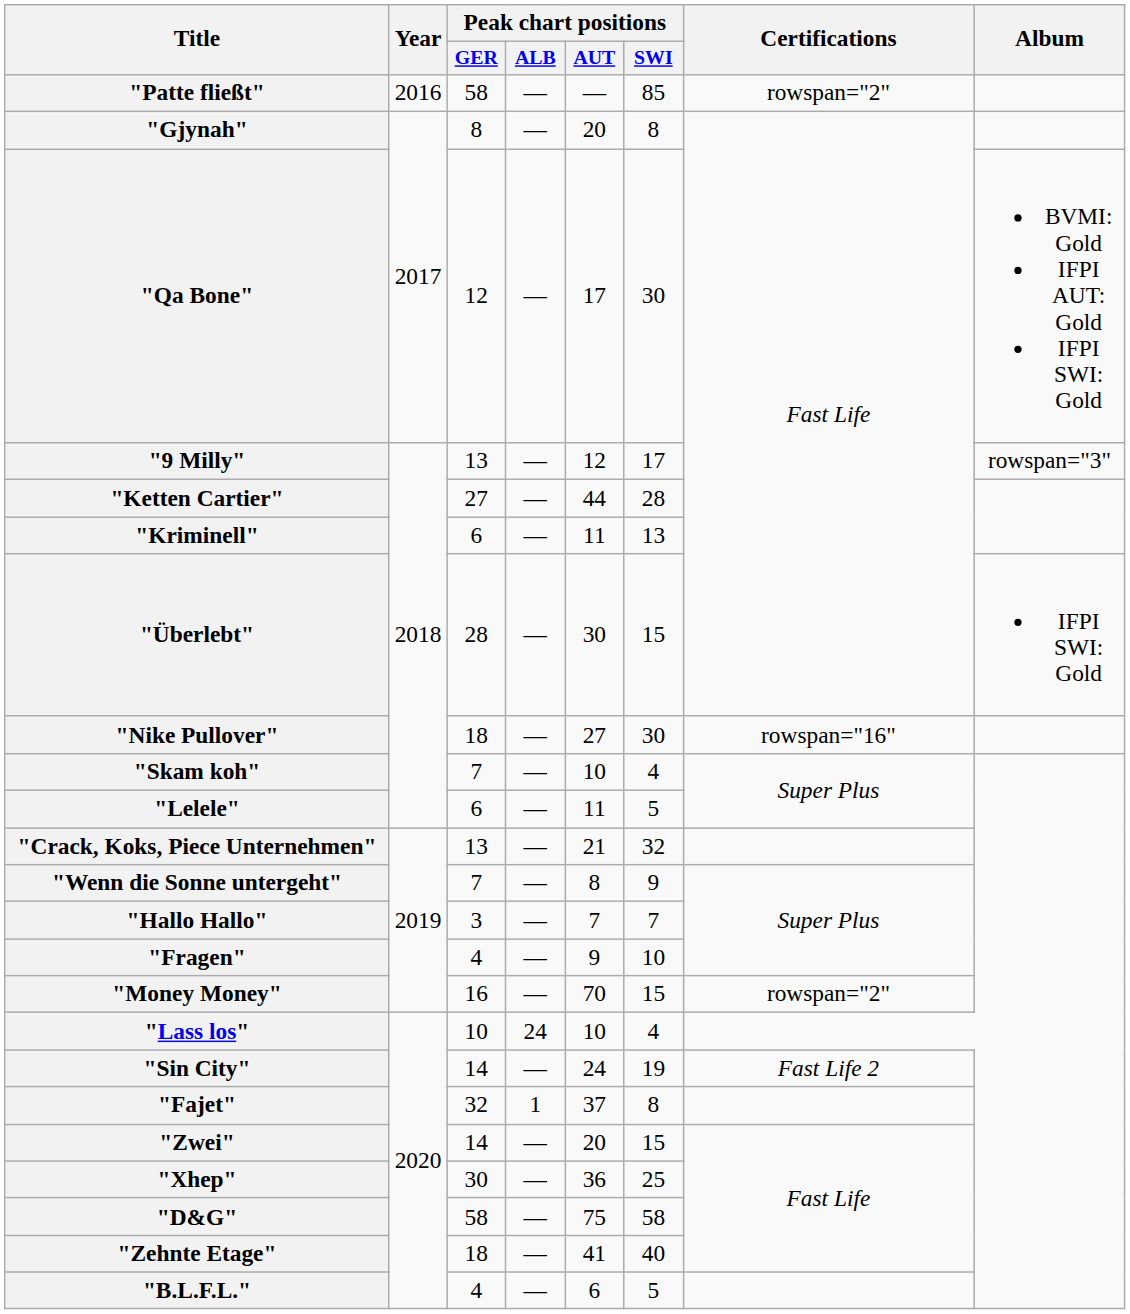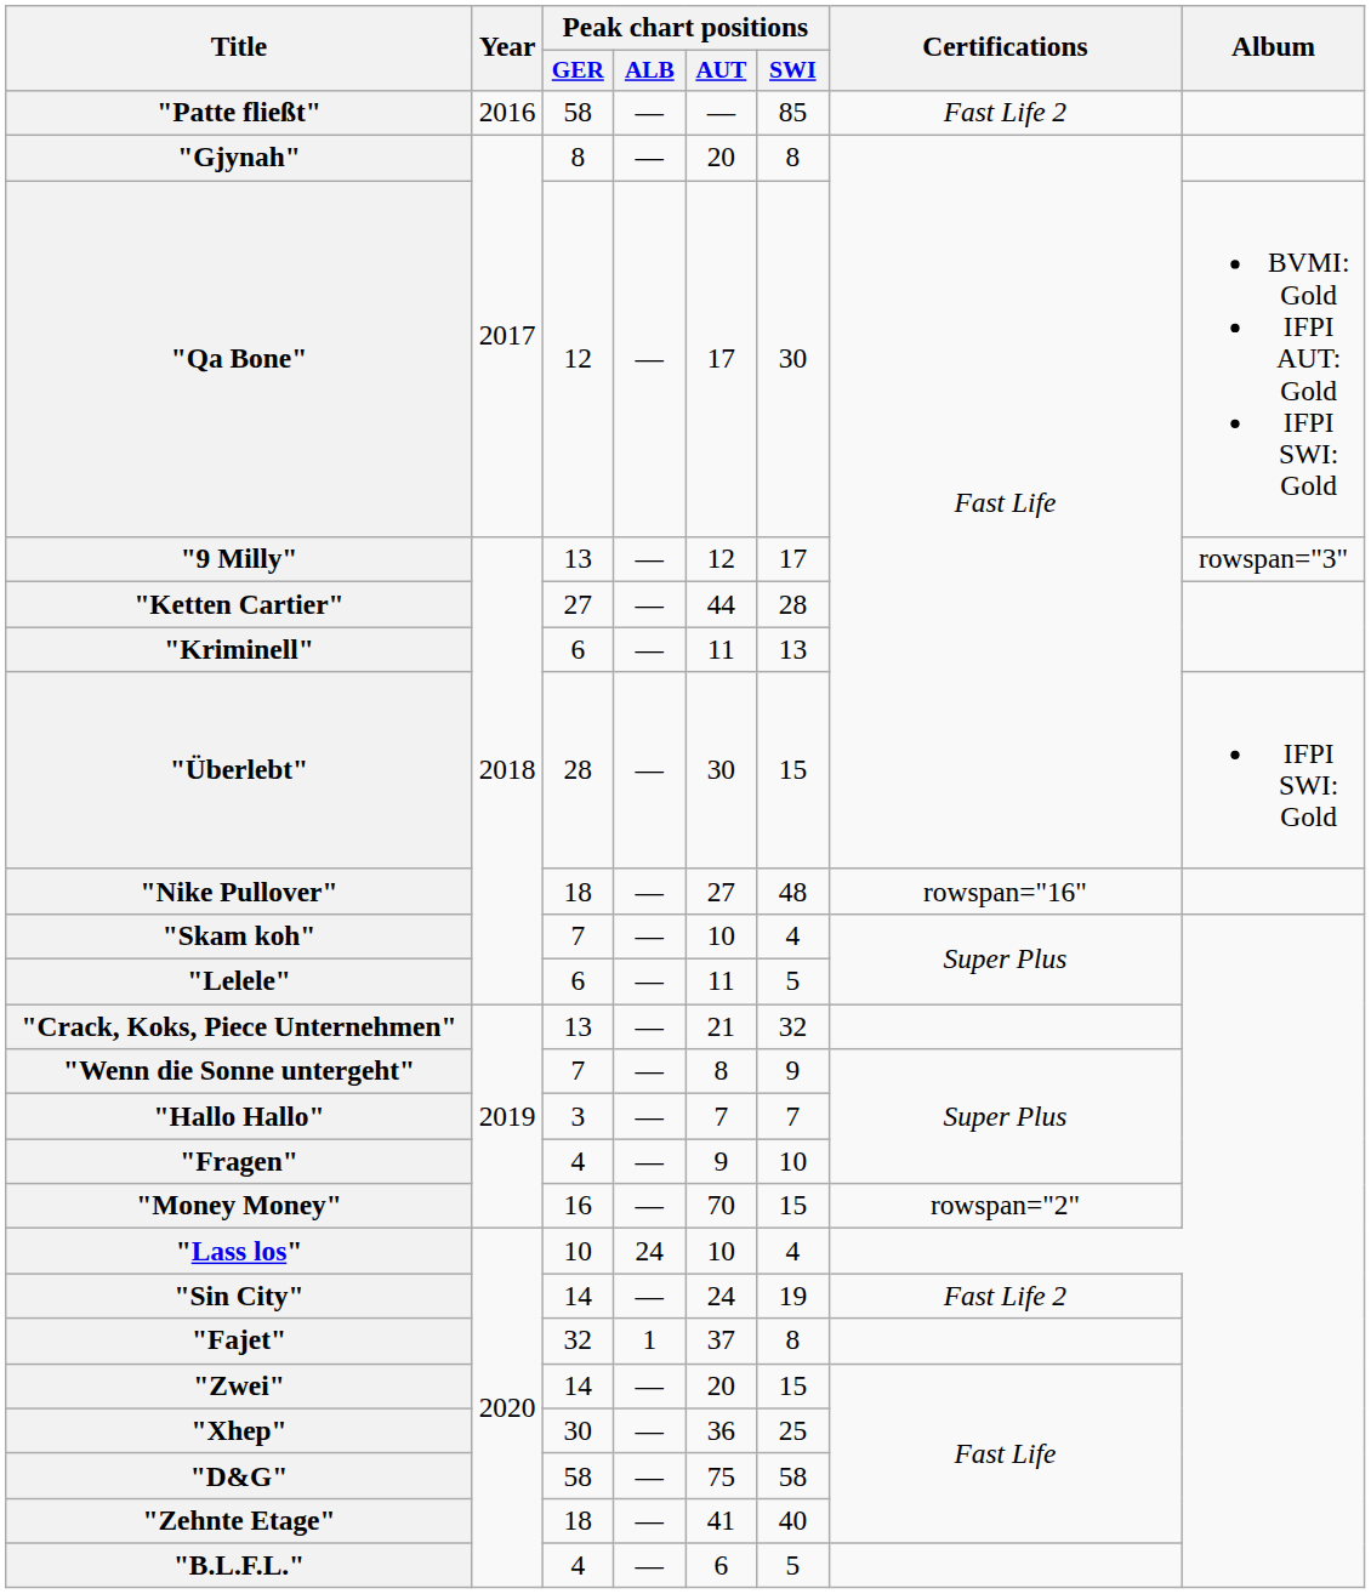 <table class="wikitable plainrowheaders" style="text-align:center;">
 <tr>
 <th scope="col" rowspan="2" style="width:16em;">Title</th>
 <th scope="col" rowspan="2" style="width:1em;">Year</th>
 <th scope="col" colspan="4">Peak chart positions</th>
 <th scope="col" rowspan="2" style="width:12em;">Certifications</th>
 <th scope="col" rowspan="2" style="width:6em;">Album</th>
 </tr>
 <tr>
 <th style="width:2.5em; font-size:85%"><a href='#'>GER</a><br></th>
 <th style="width:2.5em; font-size:85%"><a href='#'>ALB</a><br></th>
 <th style="width:2.5em; font-size:85%"><a href='#'>AUT</a><br></th>
 <th style="width:2.5em; font-size:85%"><a href='#'>SWI</a><br></th>
 </tr>
 <tr>
 <th scope="row">"Patte fließt"</th>
 <td>2016</td>
 <td>58</td>
 <td>—</td>
 <td>—</td>
 <td>85</td>
-<td>rowspan="2" </td>
+<td><em>Fast Life 2</em></td>
 <td></td>
 </tr>
 <tr>
 <th scope="row">"Gjynah"</th>
 <td rowspan="2">2017</td>
 <td>8</td>
 <td>—</td>
 <td>20</td>
 <td>8</td>
 <td rowspan="6"><em>Fast Life</em></td>
 </tr>
 <tr>
 <th scope="row">"Qa Bone"<br></th>
 <td>12</td>
 <td>—</td>
 <td>17</td>
 <td>30</td>
 <td><br><ul><li>BVMI: Gold</li><li>IFPI AUT: Gold</li><li>IFPI SWI: Gold</li></ul></td>
 </tr>
 <tr>
 <th scope="row">"9 Milly"</th>
 <td rowspan="7">2018</td>
 <td>13</td>
 <td>—</td>
 <td>12</td>
 <td>17</td>
 <td>rowspan="3" </td>
 </tr>
 <tr>
 <th scope="row">"Ketten Cartier"</th>
 <td>27</td>
 <td>—</td>
 <td>44</td>
 <td>28</td>
 </tr>
 <tr>
 <th scope="row">"Kriminell"<br></th>
 <td>6</td>
 <td>—</td>
 <td>11</td>
 <td>13</td>
 </tr>
 <tr>
 <th scope="row">"Überlebt"</th>
 <td>28</td>
 <td>—</td>
 <td>30</td>
 <td>15</td>
 <td><br><ul><li>IFPI SWI: Gold</li></ul></td>
 </tr>
 <tr>
 <th scope="row">"Nike Pullover"</th>
 <td>18</td>
 <td>—</td>
 <td>27</td>
-<td>30</td>
+<td>48</td>
 <td>rowspan="16" </td>
 <td></td>
 </tr>
 <tr>
 <th scope="row">"Skam koh"<br></th>
 <td>7</td>
 <td>—</td>
 <td>10</td>
 <td>4</td>
 <td rowspan="2"><em>Super Plus</em></td>
 </tr>
 <tr>
 <th scope="row">"Lelele"<br></th>
 <td>6</td>
 <td>—</td>
 <td>11</td>
 <td>5</td>
 </tr>
 <tr>
 <th scope="row">"Crack, Koks, Piece Unternehmen"<br></th>
 <td rowspan="5">2019</td>
 <td>13</td>
 <td>—</td>
 <td>21</td>
 <td>32</td>
 <td></td>
 </tr>
 <tr>
 <th scope="row">"Wenn die Sonne untergeht"<br></th>
 <td>7</td>
 <td>—</td>
 <td>8</td>
 <td>9</td>
 <td rowspan="3"><em>Super Plus</em></td>
 </tr>
 <tr>
 <th scope="row">"Hallo Hallo"<br></th>
 <td>3</td>
 <td>—</td>
 <td>7</td>
 <td>7</td>
 </tr>
 <tr>
 <th scope="row">"Fragen"<br></th>
 <td>4</td>
 <td>—</td>
 <td>9</td>
 <td>10</td>
 </tr>
 <tr>
 <th scope="row">"Money Money"</th>
 <td>16</td>
 <td>—</td>
 <td>70</td>
 <td>15</td>
 <td>rowspan="2" </td>
 </tr>
 <tr>
 <th scope="row">"<a href='#'>Lass los</a>"<br></th>
 <td rowspan="8">2020</td>
 <td>10</td>
 <td>24</td>
 <td>10</td>
 <td>4</td>
 </tr>
 <tr>
 <th scope="row">"Sin City"<br></th>
 <td>14</td>
 <td>—</td>
 <td>24</td>
 <td>19</td>
 <td><em>Fast Life 2</em></td>
 </tr>
 <tr>
 <th scope="row">"Fajet"<br></th>
 <td>32</td>
 <td>1</td>
 <td>37</td>
 <td>8</td>
 <td></td>
 </tr>
 <tr>
 <th scope="row">"Zwei"<br></th>
 <td>14</td>
 <td>—</td>
 <td>20</td>
 <td>15</td>
 <td rowspan="4"><em>Fast Life</em></td>
 </tr>
 <tr>
 <th scope="row">"Xhep"<br></th>
 <td>30</td>
 <td>—</td>
 <td>36</td>
 <td>25</td>
 </tr>
 <tr>
 <th scope="row">"D&G"<br></th>
 <td>58</td>
 <td>—</td>
 <td>75</td>
 <td>58</td>
 </tr>
 <tr>
 <th scope="row">"Zehnte Etage"<br></th>
 <td>18</td>
 <td>—</td>
 <td>41</td>
 <td>40</td>
 </tr>
 <tr>
 <th scope="row">"B.L.F.L."<br></th>
 <td>4</td>
 <td>—</td>
 <td>6</td>
 <td>5</td>
 <td></td>
 </tr>
 </table>
